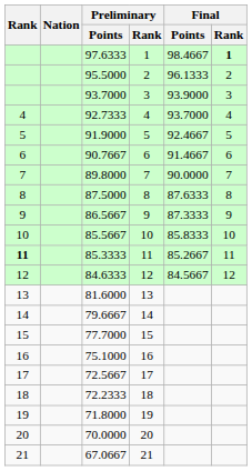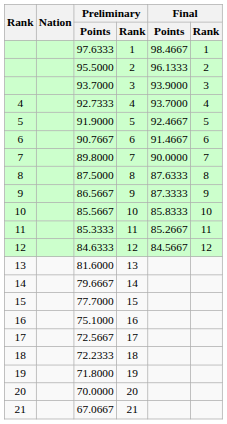 <table class="wikitable sortable" style="text-align:center">
 <tr>
 <th rowspan=2>Rank</th>
 <th rowspan=2>Nation</th>
 <th colspan=2>Preliminary</th>
 <th colspan=2>Final</th>
 </tr>
 <tr>
 <th>Points</th>
 <th>Rank</th>
 <th>Points</th>
 <th>Rank</th>
 </tr>
 <tr bgcolor=ccffcc>
 <td></td>
 <td align=left></td>
 <td>97.6333</td>
 <td>1</td>
 <td>98.4667</td>
-<td><strong>1</strong></td>
+<td>1</td>
 </tr>
 <tr bgcolor=ccffcc>
 <td></td>
 <td align=left></td>
 <td>95.5000</td>
 <td>2</td>
 <td>96.1333</td>
 <td>2</td>
 </tr>
 <tr bgcolor=ccffcc>
 <td></td>
 <td align=left></td>
 <td>93.7000</td>
 <td>3</td>
 <td>93.9000</td>
 <td>3</td>
 </tr>
 <tr bgcolor=ccffcc>
 <td>4</td>
 <td align=left></td>
 <td>92.7333</td>
 <td>4</td>
 <td>93.7000</td>
 <td>4</td>
 </tr>
 <tr bgcolor=ccffcc>
 <td>5</td>
 <td align=left></td>
 <td>91.9000</td>
 <td>5</td>
 <td>92.4667</td>
 <td>5</td>
 </tr>
 <tr bgcolor=ccffcc>
 <td>6</td>
 <td align=left></td>
 <td>90.7667</td>
 <td>6</td>
 <td>91.4667</td>
 <td>6</td>
 </tr>
 <tr bgcolor=ccffcc>
 <td>7</td>
 <td align=left></td>
 <td>89.8000</td>
 <td>7</td>
 <td>90.0000</td>
 <td>7</td>
 </tr>
 <tr bgcolor=ccffcc>
 <td>8</td>
 <td align=left></td>
 <td>87.5000</td>
 <td>8</td>
 <td>87.6333</td>
 <td>8</td>
 </tr>
 <tr bgcolor=ccffcc>
 <td>9</td>
 <td align=left></td>
 <td>86.5667</td>
 <td>9</td>
 <td>87.3333</td>
 <td>9</td>
 </tr>
 <tr bgcolor=ccffcc>
 <td>10</td>
 <td align=left></td>
 <td>85.5667</td>
 <td>10</td>
 <td>85.8333</td>
 <td>10</td>
 </tr>
 <tr bgcolor=ccffcc>
-<td><strong>11</strong></td>
+<td>11</td>
 <td align=left></td>
 <td>85.3333</td>
 <td>11</td>
 <td>85.2667</td>
 <td>11</td>
 </tr>
 <tr bgcolor=ccffcc>
 <td>12</td>
 <td align=left></td>
 <td>84.6333</td>
 <td>12</td>
 <td>84.5667</td>
 <td>12</td>
 </tr>
 <tr>
 <td>13</td>
 <td align=left></td>
 <td>81.6000</td>
 <td>13</td>
 <td></td>
 <td></td>
 </tr>
 <tr>
 <td>14</td>
 <td align=left></td>
 <td>79.6667</td>
 <td>14</td>
 <td></td>
 <td></td>
 </tr>
 <tr>
 <td>15</td>
 <td align=left></td>
 <td>77.7000</td>
 <td>15</td>
 <td></td>
 <td></td>
 </tr>
 <tr>
 <td>16</td>
 <td align=left></td>
 <td>75.1000</td>
 <td>16</td>
 <td></td>
 <td></td>
 </tr>
 <tr>
 <td>17</td>
 <td align=left></td>
 <td>72.5667</td>
 <td>17</td>
 <td></td>
 <td></td>
 </tr>
 <tr>
 <td>18</td>
 <td align=left></td>
 <td>72.2333</td>
 <td>18</td>
 <td></td>
 <td></td>
 </tr>
 <tr>
 <td>19</td>
 <td align=left></td>
 <td>71.8000</td>
 <td>19</td>
 <td></td>
 <td></td>
 </tr>
 <tr>
 <td>20</td>
 <td align=left></td>
 <td>70.0000</td>
 <td>20</td>
 <td></td>
 <td></td>
 </tr>
 <tr>
 <td>21</td>
 <td align=left></td>
 <td>67.0667</td>
 <td>21</td>
 <td></td>
 <td></td>
 </tr>
 </table>
